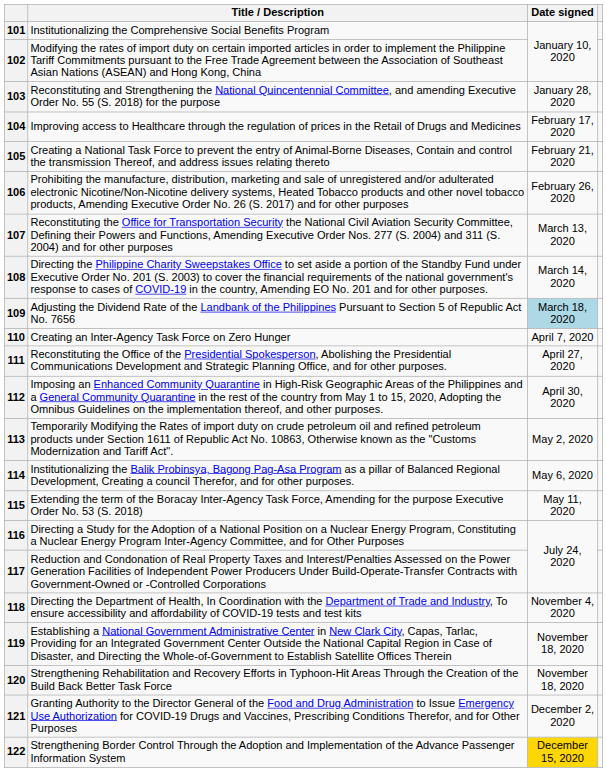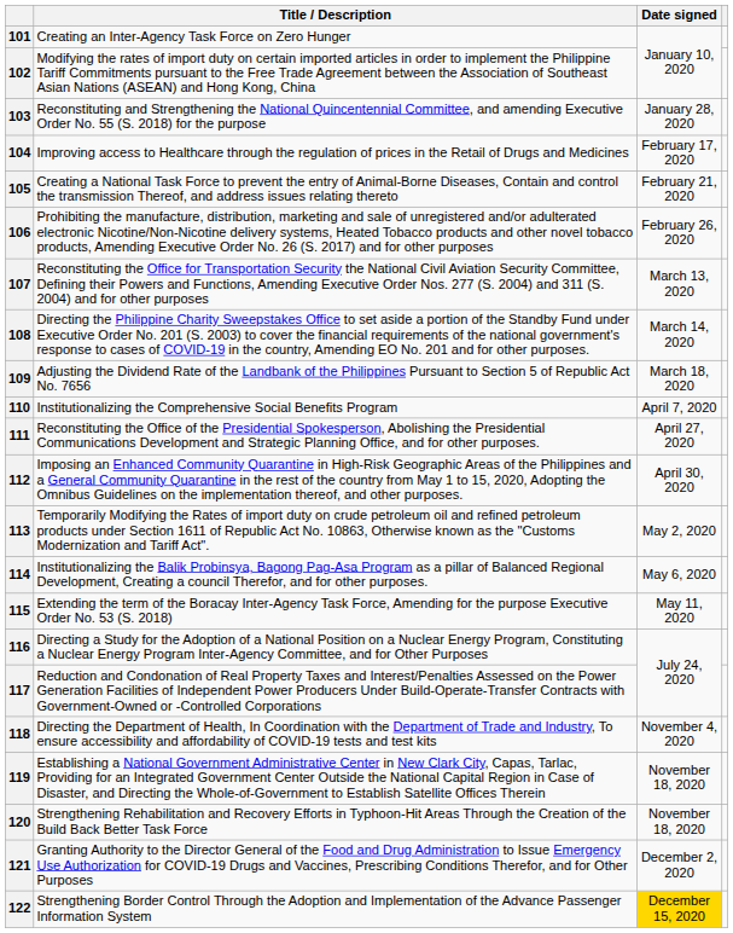 <table class="wikitable sortable" style="text-align:center;">
 <tr>
 <th scope="col"></th>
 <th scope="col">Title / Description</th>
 <th scope="col">Date signed</th>
 <th scope="col" class="unsortable"></th>
 </tr>
 <tr>
 <th scope="row">101</th>
-<td style='text-align:left;'>Institutionalizing the Comprehensive Social Benefits Program</td>
+<td style='text-align:left;'>Creating an Inter-Agency Task Force on Zero Hunger</td>
 <td rowspan="2">January 10, 2020</td>
 <td></td>
 </tr>
 <tr>
 <th scope="row">102</th>
 <td style='text-align:left;'>Modifying the rates of import duty on certain imported articles in order to implement the Philippine Tariff Commitments pursuant to the Free Trade Agreement between the Association of Southeast Asian Nations (ASEAN) and Hong Kong, China</td>
 <td></td>
 </tr>
 <tr>
 <th scope="row">103</th>
 <td style='text-align:left;'>Reconstituting and Strengthening the <a href='#'>National Quincentennial Committee</a>, and amending Executive Order No. 55 (S. 2018) for the purpose</td>
 <td>January 28, 2020</td>
 <td></td>
 </tr>
 <tr>
 <th scope="row">104</th>
 <td style='text-align:left;'>Improving access to Healthcare through the regulation of prices in the Retail of Drugs and Medicines</td>
 <td>February 17, 2020</td>
 <td></td>
 </tr>
 <tr>
 <th scope="row">105</th>
 <td style='text-align:left;'>Creating a National Task Force to prevent the entry of Animal-Borne Diseases, Contain and control the transmission Thereof, and address issues relating thereto</td>
 <td>February 21, 2020</td>
 <td></td>
 </tr>
 <tr>
 <th scope="row">106</th>
 <td style='text-align:left;'>Prohibiting the manufacture, distribution, marketing and sale of unregistered and/or adulterated electronic Nicotine/Non-Nicotine delivery systems, Heated Tobacco products and other novel tobacco products, Amending Executive Order No. 26 (S. 2017) and for other purposes</td>
 <td>February 26, 2020</td>
 <td></td>
 </tr>
 <tr>
 <th scope="row">107</th>
 <td style='text-align:left;'>Reconstituting the <a href='#'>Office for Transportation Security</a> the National Civil Aviation Security Committee, Defining their Powers and Functions, Amending Executive Order Nos. 277 (S. 2004) and 311 (S. 2004) and for other purposes</td>
 <td>March 13, 2020</td>
 <td></td>
 </tr>
 <tr>
 <th scope="row">108</th>
 <td style='text-align:left;'>Directing the <a href='#'>Philippine Charity Sweepstakes Office</a> to set aside a portion of the Standby Fund under Executive Order No. 201 (S. 2003) to cover the financial requirements of the national government's response to cases of <a href='#'>COVID-19</a> in the country, Amending EO No. 201 and for other purposes.</td>
 <td>March 14, 2020</td>
 <td></td>
 </tr>
 <tr>
 <th scope="row">109</th>
 <td style='text-align:left;'>Adjusting the Dividend Rate of the <a href='#'>Landbank of the Philippines</a> Pursuant to Section 5 of Republic Act No. 7656</td>
-<td style="background: lightblue;">March 18, 2020</td>
+<td>March 18, 2020</td>
 <td></td>
 </tr>
 <tr>
 <th scope="row">110</th>
-<td style='text-align:left;'>Creating an Inter-Agency Task Force on Zero Hunger</td>
+<td style='text-align:left;'>Institutionalizing the Comprehensive Social Benefits Program</td>
 <td>April 7, 2020</td>
 <td></td>
 </tr>
 <tr>
 <th scope="row">111</th>
 <td style='text-align:left;'>Reconstituting the Office of the <a href='#'>Presidential Spokesperson</a>, Abolishing the Presidential Communications Development and Strategic Planning Office, and for other purposes.</td>
 <td>April 27, 2020</td>
 <td></td>
 </tr>
 <tr>
 <th scope="row">112</th>
 <td style='text-align:left;'>Imposing an <a href='#'>Enhanced Community Quarantine</a> in High-Risk Geographic Areas of the Philippines and a <a href='#'>General Community Quarantine</a> in the rest of the country from May 1 to 15, 2020, Adopting the Omnibus Guidelines on the implementation thereof, and other purposes.</td>
 <td>April 30, 2020</td>
 <td></td>
 </tr>
 <tr>
 <th scope="row">113</th>
 <td style='text-align:left;'>Temporarily Modifying the Rates of import duty on crude petroleum oil and refined petroleum products under Section 1611 of Republic Act No. 10863, Otherwise known as the "Customs Modernization and Tariff Act".</td>
 <td>May 2, 2020</td>
 <td></td>
 </tr>
 <tr>
 <th scope="row">114</th>
 <td style='text-align:left;'>Institutionalizing the <a href='#'>Balik Probinsya, Bagong Pag-Asa Program</a> as a pillar of Balanced Regional Development, Creating a council Therefor, and for other purposes.</td>
 <td>May 6, 2020</td>
 <td></td>
 </tr>
 <tr>
 <th scope="row">115</th>
 <td style='text-align:left;'>Extending the term of the Boracay Inter-Agency Task Force, Amending for the purpose Executive Order No. 53 (S. 2018)</td>
 <td>May 11, 2020</td>
 <td></td>
 </tr>
 <tr>
 <th scope="row">116</th>
 <td style='text-align:left;'>Directing a Study for the Adoption of a National Position on a Nuclear Energy Program, Constituting a Nuclear Energy Program Inter-Agency Committee, and for Other Purposes</td>
 <td rowspan="2">July 24, 2020</td>
 <td></td>
 </tr>
 <tr>
 <th scope="row">117</th>
 <td style='text-align:left;'>Reduction and Condonation of Real Property Taxes and Interest/Penalties Assessed on the Power Generation Facilities of Independent Power Producers Under Build-Operate-Transfer Contracts with Government-Owned or -Controlled Corporations</td>
 <td></td>
 </tr>
 <tr>
 <th scope="row">118</th>
 <td style='text-align:left;'>Directing the Department of Health, In Coordination with the <a href='#'>Department of Trade and Industry</a>, To ensure accessibility and affordability of COVID-19 tests and test kits</td>
 <td>November 4, 2020</td>
 <td></td>
 </tr>
 <tr>
 <th scope="row">119</th>
 <td style='text-align:left;'>Establishing a <a href='#'>National Government Administrative Center</a> in <a href='#'>New Clark City</a>, Capas, Tarlac, Providing for an Integrated Government Center Outside the National Capital Region in Case of Disaster, and Directing the Whole-of-Government to Establish Satellite Offices Therein</td>
 <td>November 18, 2020</td>
 <td></td>
 </tr>
 <tr>
 <th scope="row">120</th>
 <td style='text-align:left;'>Strengthening Rehabilitation and Recovery Efforts in Typhoon-Hit Areas Through the Creation of the Build Back Better Task Force</td>
 <td>November 18, 2020</td>
 <td></td>
 </tr>
 <tr>
 <th scope="row">121</th>
 <td style='text-align:left;'>Granting Authority to the Director General of the <a href='#'>Food and Drug Administration</a> to Issue <a href='#'>Emergency Use Authorization</a> for COVID-19 Drugs and Vaccines, Prescribing Conditions Therefor, and for Other Purposes</td>
 <td>December 2, 2020</td>
 <td></td>
 </tr>
 <tr>
 <th scope="row">122</th>
 <td style='text-align:left;'>Strengthening Border Control Through the Adoption and Implementation of the Advance Passenger Information System</td>
 <td style="background: gold;">December 15, 2020</td>
 <td></td>
 </tr>
 </table>
